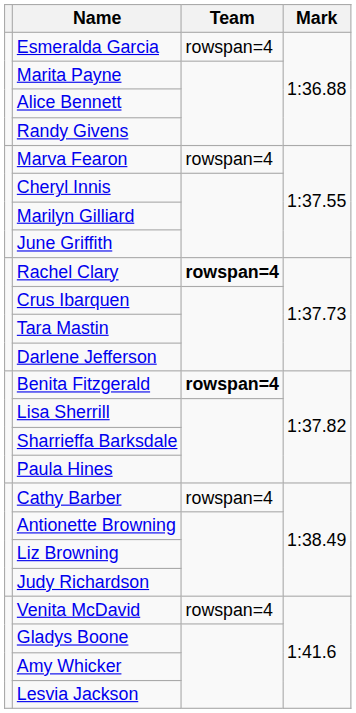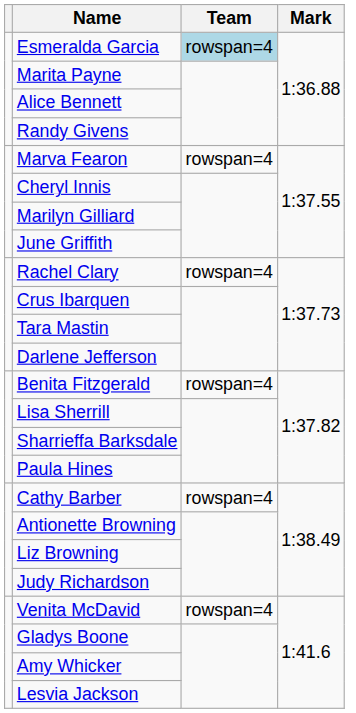 <table class=wikitable>
 <tr>
 <th></th>
 <th>Name</th>
 <th>Team</th>
 <th>Mark</th>
 </tr>
 <tr>
 <td rowspan=4></td>
 <td><a href='#'>Esmeralda Garcia</a></td>
-<td>rowspan=4 </td>
+<td style="background: lightblue;">rowspan=4 </td>
 <td rowspan=4>1:36.88</td>
 </tr>
 <tr>
 <td><a href='#'>Marita Payne</a></td>
 </tr>
 <tr>
 <td><a href='#'>Alice Bennett</a></td>
 </tr>
 <tr>
 <td><a href='#'>Randy Givens</a></td>
 </tr>
 <tr>
 <td rowspan=4></td>
 <td><a href='#'>Marva Fearon</a></td>
 <td>rowspan=4 </td>
 <td rowspan=4>1:37.55</td>
 </tr>
 <tr>
 <td><a href='#'>Cheryl Innis</a></td>
 </tr>
 <tr>
 <td><a href='#'>Marilyn Gilliard</a></td>
 </tr>
 <tr>
 <td><a href='#'>June Griffith</a></td>
 </tr>
 <tr>
 <td rowspan=4></td>
 <td><a href='#'>Rachel Clary</a></td>
-<td><strong>rowspan=4 </strong></td>
+<td>rowspan=4 </td>
 <td rowspan=4>1:37.73</td>
 </tr>
 <tr>
 <td><a href='#'>Crus Ibarquen</a></td>
 </tr>
 <tr>
 <td><a href='#'>Tara Mastin</a></td>
 </tr>
 <tr>
 <td><a href='#'>Darlene Jefferson</a></td>
 </tr>
 <tr>
 <td rowspan=4></td>
 <td><a href='#'>Benita Fitzgerald</a></td>
-<td><strong>rowspan=4 </strong></td>
+<td>rowspan=4 </td>
 <td rowspan=4>1:37.82</td>
 </tr>
 <tr>
 <td><a href='#'>Lisa Sherrill</a></td>
 </tr>
 <tr>
 <td><a href='#'>Sharrieffa Barksdale</a></td>
 </tr>
 <tr>
 <td><a href='#'>Paula Hines</a></td>
 </tr>
 <tr>
 <td rowspan=4></td>
 <td><a href='#'>Cathy Barber</a></td>
 <td>rowspan=4 </td>
 <td rowspan=4>1:38.49</td>
 </tr>
 <tr>
 <td><a href='#'>Antionette Browning</a></td>
 </tr>
 <tr>
 <td><a href='#'>Liz Browning</a></td>
 </tr>
 <tr>
 <td><a href='#'>Judy Richardson</a></td>
 </tr>
 <tr>
 <td rowspan=4></td>
 <td><a href='#'>Venita McDavid</a></td>
 <td>rowspan=4 </td>
 <td rowspan=4>1:41.6</td>
 </tr>
 <tr>
 <td><a href='#'>Gladys Boone</a></td>
 </tr>
 <tr>
 <td><a href='#'>Amy Whicker</a></td>
 </tr>
 <tr>
 <td><a href='#'>Lesvia Jackson</a><br></td>
 </tr>
 </table>
